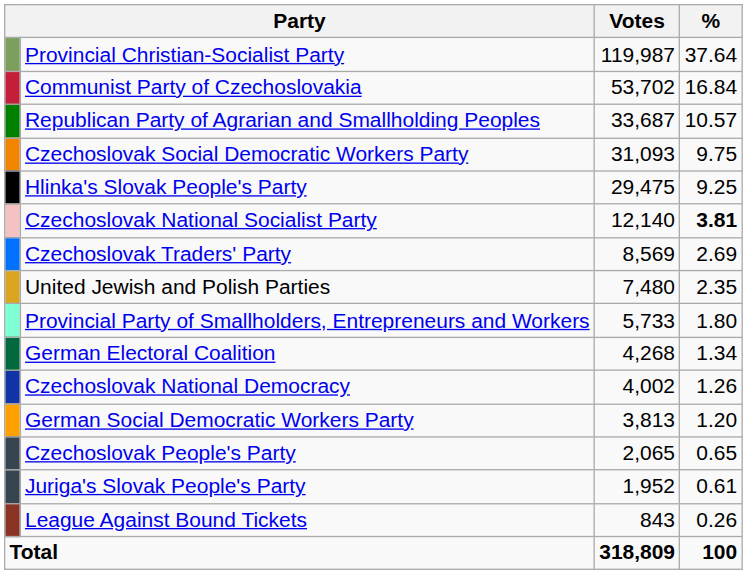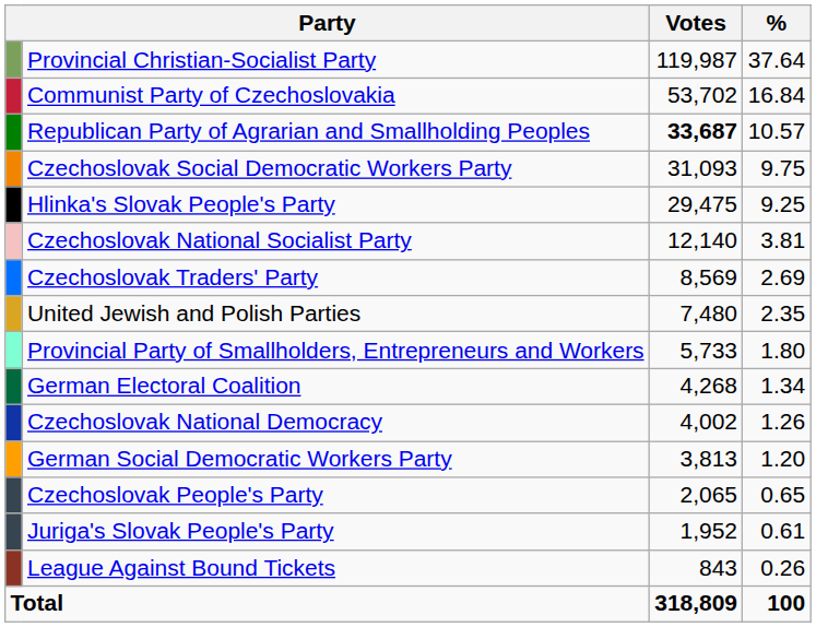 <table class=wikitable style=text-align:right>
 <tr>
 <th colspan=2>Party</th>
 <th>Votes</th>
 <th>%</th>
 </tr>
 <tr>
 <td bgcolor="#7BA05B"> </td>
 <td align=left><a href='#'>Provincial Christian-Socialist Party</a></td>
 <td>119,987</td>
 <td>37.64</td>
 </tr>
 <tr>
 <td bgcolor="#C41E3A"> </td>
 <td align=left><a href='#'>Communist Party of Czechoslovakia</a></td>
 <td>53,702</td>
 <td>16.84</td>
 </tr>
 <tr>
 <td bgcolor="#008000"> </td>
 <td align=left><a href='#'>Republican Party of Agrarian and Smallholding Peoples</a></td>
-<td>33,687</td>
+<td><strong>33,687</strong></td>
 <td>10.57</td>
 </tr>
 <tr>
 <td bgcolor="F28500"> </td>
 <td align=left><a href='#'>Czechoslovak Social Democratic Workers Party</a></td>
 <td>31,093</td>
 <td>9.75</td>
 </tr>
 <tr>
 <td bgcolor="#000000"> </td>
 <td align=left><a href='#'>Hlinka's Slovak People's Party</a></td>
 <td>29,475</td>
 <td>9.25</td>
 </tr>
 <tr>
 <td bgcolor="F4C2C2"> </td>
 <td align=left><a href='#'>Czechoslovak National Socialist Party</a></td>
 <td>12,140</td>
-<td><strong>3.81</strong></td>
+<td>3.81</td>
 </tr>
 <tr>
 <td bgcolor="#0070FF"> </td>
 <td align=left><a href='#'>Czechoslovak Traders' Party</a></td>
 <td>8,569</td>
 <td>2.69</td>
 </tr>
 <tr>
 <td bgcolor="#DAA520"> </td>
 <td align=left>United Jewish and Polish Parties</td>
 <td>7,480</td>
 <td>2.35</td>
 </tr>
 <tr>
 <td bgcolor="#7FFFD4"> </td>
 <td align=left><a href='#'>Provincial Party of Smallholders, Entrepreneurs and Workers</a></td>
 <td>5,733</td>
 <td>1.80</td>
 </tr>
 <tr>
 <td bgcolor="#00693E"> </td>
 <td align=left><a href='#'>German Electoral Coalition</a></td>
 <td>4,268</td>
 <td>1.34</td>
 </tr>
 <tr>
 <td bgcolor="#1034A6"> </td>
 <td align=left><a href='#'>Czechoslovak National Democracy</a></td>
 <td>4,002</td>
 <td>1.26</td>
 </tr>
 <tr>
 <td bgcolor="#FFA000"> </td>
 <td align=left><a href='#'>German Social Democratic Workers Party</a></td>
 <td>3,813</td>
 <td>1.20</td>
 </tr>
 <tr>
 <td bgcolor="#36454F"> </td>
 <td align=left><a href='#'>Czechoslovak People's Party</a></td>
 <td>2,065</td>
 <td>0.65</td>
 </tr>
 <tr>
 <td bgcolor="#36454F"> </td>
 <td align=left><a href='#'>Juriga's Slovak People's Party</a></td>
 <td>1,952</td>
 <td>0.61</td>
 </tr>
 <tr>
 <td bgcolor="#8A3324"> </td>
 <td align=left><a href='#'>League Against Bound Tickets</a></td>
 <td>843</td>
 <td>0.26</td>
 </tr>
 <tr>
 <td colspan=2 align=left><strong>Total</strong></td>
 <td><strong>318,809</strong></td>
 <td><strong>100</strong></td>
 </tr>
 </table>
